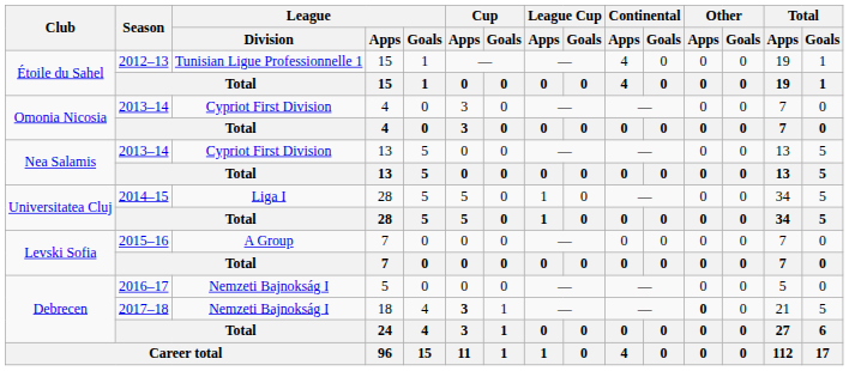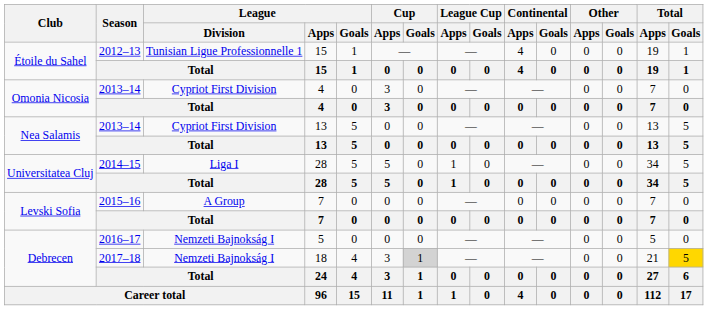 <table class="wikitable" style="text-align:center">
 <tr>
 <th rowspan="2">Club</th>
 <th rowspan="2">Season</th>
 <th colspan="3">League</th>
 <th colspan="2">Cup</th>
 <th colspan="2">League Cup</th>
 <th colspan="2">Continental</th>
 <th colspan="2">Other</th>
 <th colspan="2">Total</th>
 </tr>
 <tr>
 <th>Division</th>
 <th>Apps</th>
 <th>Goals</th>
 <th>Apps</th>
 <th>Goals</th>
 <th>Apps</th>
 <th>Goals</th>
 <th>Apps</th>
 <th>Goals</th>
 <th>Apps</th>
 <th>Goals</th>
 <th>Apps</th>
 <th>Goals</th>
 </tr>
 <tr>
 <td rowspan="2"><a href='#'>Étoile du Sahel</a></td>
 <td><a href='#'>2012–13</a></td>
 <td rowspan="1"><a href='#'>Tunisian Ligue Professionnelle 1</a></td>
 <td>15</td>
 <td>1</td>
 <td colspan="2">—</td>
 <td colspan="2">—</td>
 <td>4</td>
 <td>0</td>
 <td>0</td>
 <td>0</td>
 <td>19</td>
 <td>1</td>
 </tr>
 <tr>
 <th colspan="2">Total</th>
 <th>15</th>
 <th>1</th>
 <th>0</th>
 <th>0</th>
 <th>0</th>
 <th>0</th>
 <th>4</th>
 <th>0</th>
 <th>0</th>
 <th>0</th>
 <th>19</th>
 <th>1</th>
 </tr>
 <tr>
 <td rowspan="2"><a href='#'>Omonia Nicosia</a></td>
 <td><a href='#'>2013–14</a></td>
 <td rowspan="1"><a href='#'>Cypriot First Division</a></td>
 <td>4</td>
 <td>0</td>
 <td>3</td>
 <td>0</td>
 <td colspan="2">—</td>
 <td colspan="2">—</td>
 <td>0</td>
 <td>0</td>
 <td>7</td>
 <td>0</td>
 </tr>
 <tr>
 <th colspan="2">Total</th>
 <th>4</th>
 <th>0</th>
 <th>3</th>
 <th>0</th>
 <th>0</th>
 <th>0</th>
 <th>0</th>
 <th>0</th>
 <th>0</th>
 <th>0</th>
 <th>7</th>
 <th>0</th>
 </tr>
 <tr>
 <td rowspan="2"><a href='#'>Nea Salamis</a></td>
 <td><a href='#'>2013–14</a></td>
 <td rowspan="1"><a href='#'>Cypriot First Division</a></td>
 <td>13</td>
 <td>5</td>
 <td>0</td>
 <td>0</td>
 <td colspan="2">—</td>
 <td colspan="2">—</td>
 <td>0</td>
 <td>0</td>
 <td>13</td>
 <td>5</td>
 </tr>
 <tr>
 <th colspan="2">Total</th>
 <th>13</th>
 <th>5</th>
 <th>0</th>
 <th>0</th>
 <th>0</th>
 <th>0</th>
 <th>0</th>
 <th>0</th>
 <th>0</th>
 <th>0</th>
 <th>13</th>
 <th>5</th>
 </tr>
 <tr>
 <td rowspan="2"><a href='#'>Universitatea Cluj</a></td>
 <td><a href='#'>2014–15</a></td>
 <td rowspan="1"><a href='#'>Liga I</a></td>
 <td>28</td>
 <td>5</td>
 <td>5</td>
 <td>0</td>
 <td>1</td>
 <td>0</td>
 <td colspan="2">—</td>
 <td>0</td>
 <td>0</td>
 <td>34</td>
 <td>5</td>
 </tr>
 <tr>
 <th colspan="2">Total</th>
 <th>28</th>
 <th>5</th>
 <th>5</th>
 <th>0</th>
 <th>1</th>
 <th>0</th>
 <th>0</th>
 <th>0</th>
 <th>0</th>
 <th>0</th>
 <th>34</th>
 <th>5</th>
 </tr>
 <tr>
 <td rowspan="2"><a href='#'>Levski Sofia</a></td>
 <td><a href='#'>2015–16</a></td>
 <td rowspan="1"><a href='#'>A Group</a></td>
 <td>7</td>
 <td>0</td>
 <td>0</td>
 <td>0</td>
 <td colspan="2">—</td>
 <td>0</td>
 <td>0</td>
 <td>0</td>
 <td>0</td>
 <td>7</td>
 <td>0</td>
 </tr>
 <tr>
 <th colspan="2">Total</th>
 <th>7</th>
 <th>0</th>
 <th>0</th>
 <th>0</th>
 <th>0</th>
 <th>0</th>
 <th>0</th>
 <th>0</th>
 <th>0</th>
 <th>0</th>
 <th>7</th>
 <th>0</th>
 </tr>
 <tr>
 <td rowspan="3"><a href='#'>Debrecen</a></td>
 <td><a href='#'>2016–17</a></td>
 <td rowspan="1"><a href='#'>Nemzeti Bajnokság I</a></td>
 <td>5</td>
 <td>0</td>
 <td>0</td>
 <td>0</td>
 <td colspan="2">—</td>
 <td colspan="2">—</td>
 <td>0</td>
 <td>0</td>
 <td>5</td>
 <td>0</td>
 </tr>
 <tr>
 <td><a href='#'>2017–18</a></td>
 <td rowspan="1"><a href='#'>Nemzeti Bajnokság I</a></td>
 <td>18</td>
 <td>4</td>
-<td><strong>3</strong></td>
-<td>1</td>
+<td>3</td>
+<td style="background: lightgrey;">1</td>
 <td colspan="2">—</td>
 <td colspan="2">—</td>
-<td><strong>0</strong></td>
+<td>0</td>
 <td>0</td>
 <td>21</td>
-<td>5</td>
+<td style="background: gold;">5</td>
 </tr>
 <tr>
 <th colspan="2">Total</th>
 <th>24</th>
 <th>4</th>
 <th>3</th>
 <th>1</th>
 <th>0</th>
 <th>0</th>
 <th>0</th>
 <th>0</th>
 <th>0</th>
 <th>0</th>
 <th>27</th>
 <th>6</th>
 </tr>
 <tr>
 <th colspan="3">Career total</th>
 <th>96</th>
 <th>15</th>
 <th>11</th>
 <th>1</th>
 <th>1</th>
 <th>0</th>
 <th>4</th>
 <th>0</th>
 <th>0</th>
 <th>0</th>
 <th>112</th>
 <th>17</th>
 </tr>
 </table>
